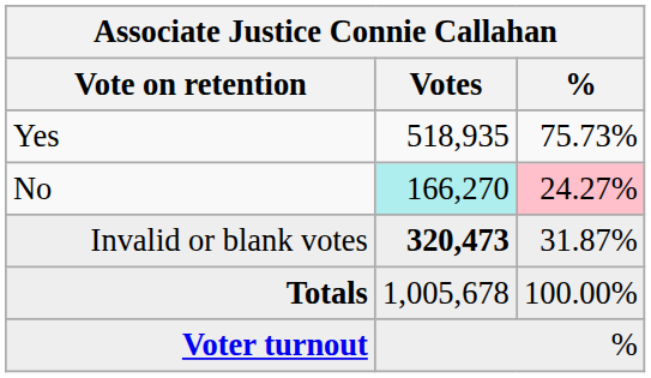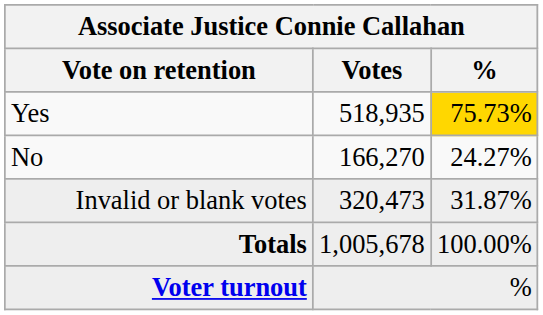 <table class="wikitable" style="font-size: 95%;">
 <tr style="background-color:#E9E9E9">
 <th colspan=7>Associate Justice Connie Callahan</th>
 </tr>
 <tr style="background-color:#E9E9E9">
 <th style="width: 170px">Vote on retention</th>
 <th style="width: 50px">Votes</th>
 <th style="width: 40px">%</th>
 </tr>
 <tr>
 <td>Yes</td>
 <td align="right">518,935</td>
-<td align="right">75.73%</td>
+<td align="right" style="background: gold;">75.73%</td>
 </tr>
 <tr>
 <td>No</td>
-<td align="right" style="background: paleturquoise;">166,270</td>
-<td align="right" style="background: pink;">24.27%</td>
+<td align="right">166,270</td>
+<td align="right">24.27%</td>
 </tr>
 <tr style="background-color:#EEEEEE">
 <td align="right">Invalid or blank votes</td>
-<td align="right"><strong>320,473</strong></td>
+<td align="right">320,473</td>
 <td align="right">31.87%</td>
 </tr>
 <tr style="background-color:#EEEEEE">
 <td colspan="1" align="right"><strong>Totals</strong></td>
 <td align="right">1,005,678</td>
 <td align="right">100.00%</td>
 </tr>
 <tr style="background-color:#EEEEEE">
 <td align="right"><strong><a href='#'>Voter turnout</a></strong></td>
 <td colspan="2" align="right">%</td>
 </tr>
 </table>
